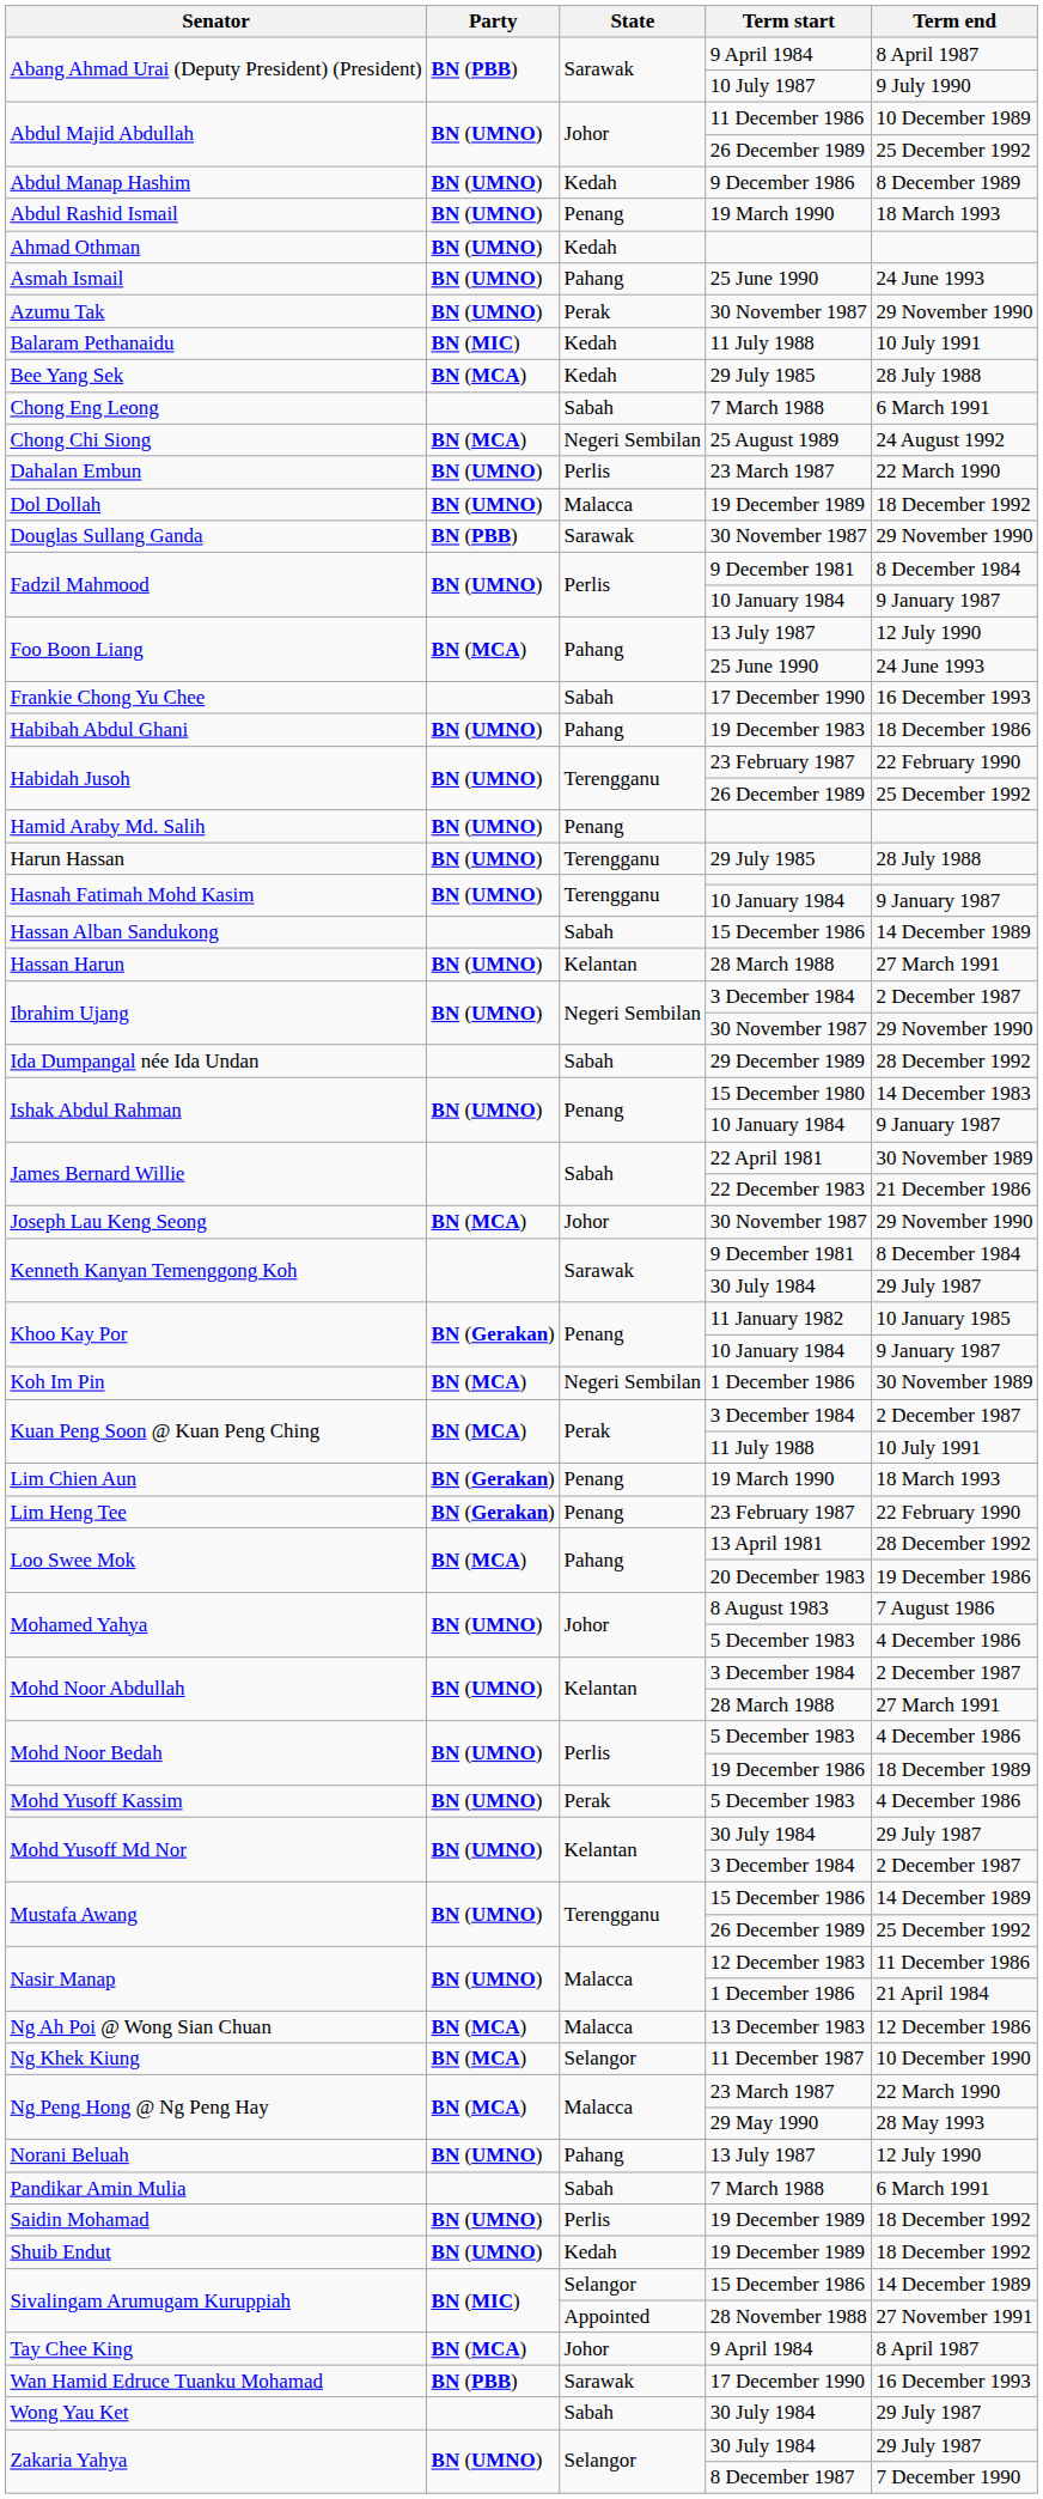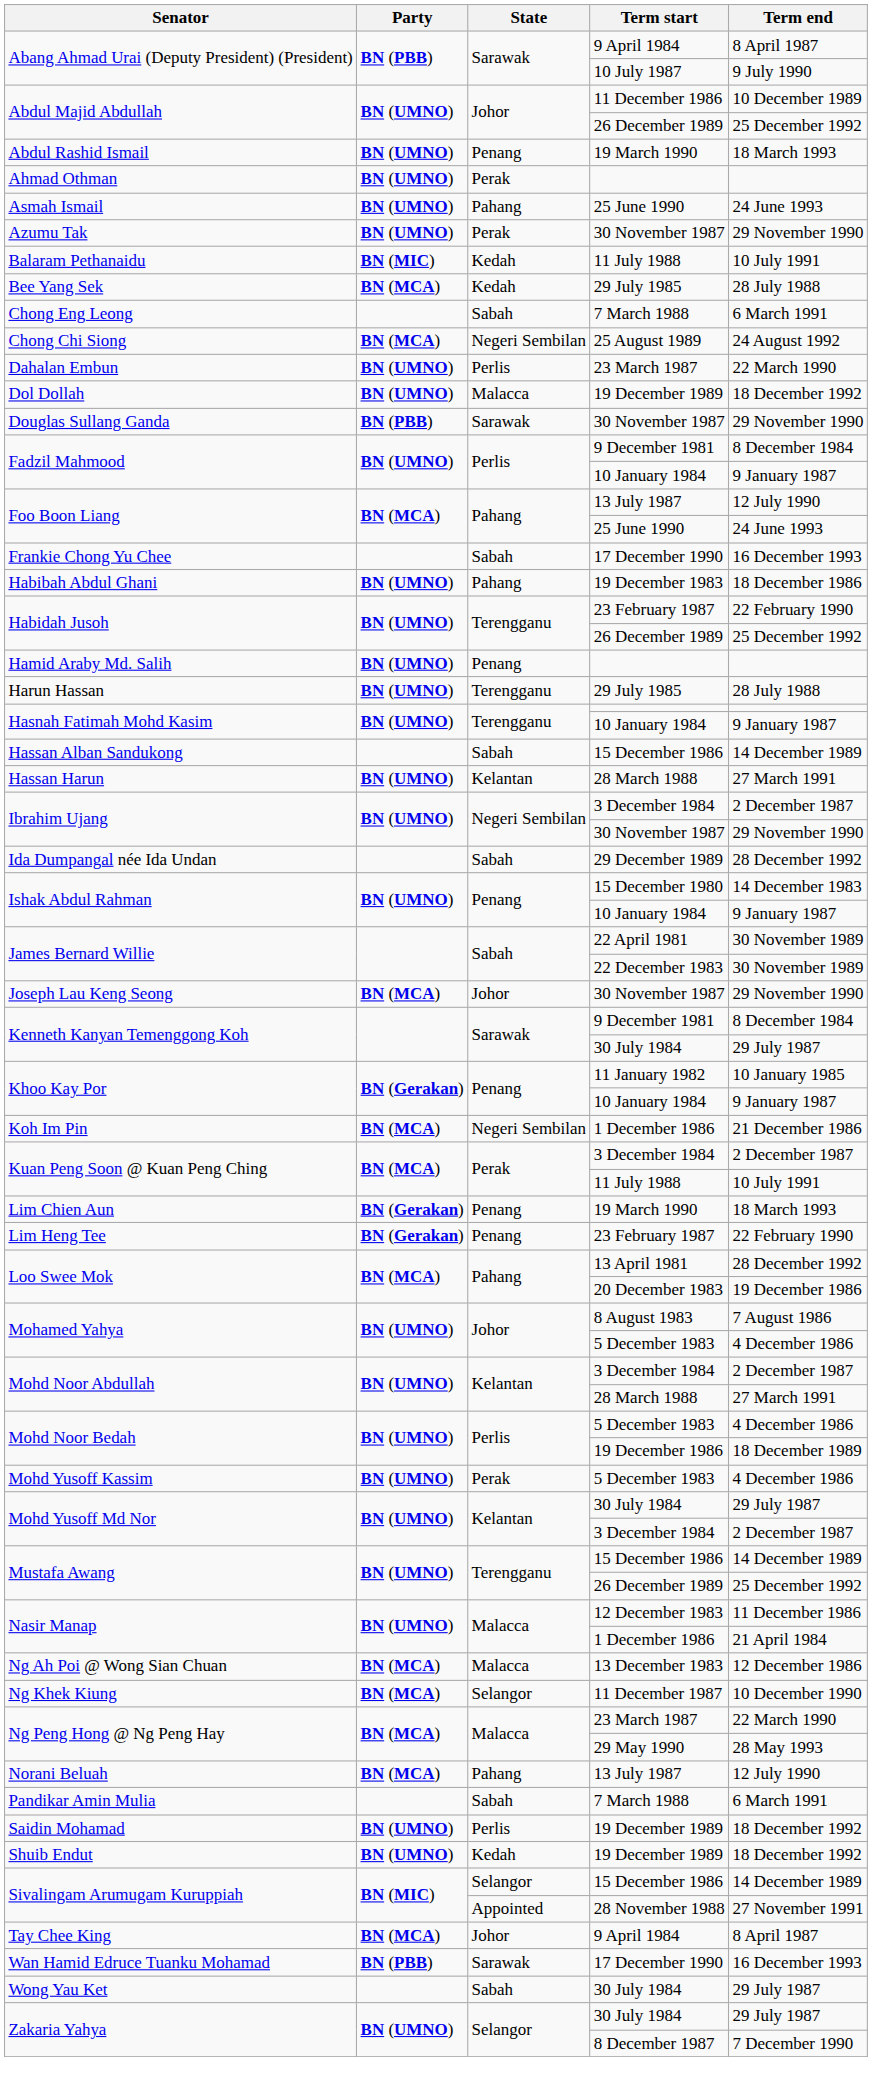 <table class="wikitable sortable">
 <tr>
 <th>Senator</th>
 <th>Party</th>
 <th>State</th>
 <th>Term start</th>
 <th>Term end</th>
 </tr>
 <tr>
 <td rowspan=2><a href='#'>Abang Ahmad Urai</a> (Deputy President) (President)</td>
 <td rowspan=2><strong><a href='#'>BN</a></strong> (<strong><a href='#'>PBB</a></strong>)</td>
 <td rowspan=2>Sarawak</td>
 <td>9 April 1984</td>
 <td>8 April 1987</td>
 </tr>
 <tr>
 <td>10 July 1987</td>
 <td>9 July 1990</td>
 </tr>
 <tr>
 <td rowspan=2><a href='#'>Abdul Majid Abdullah</a></td>
 <td rowspan=2><strong><a href='#'>BN</a></strong> (<strong><a href='#'>UMNO</a></strong>)</td>
 <td rowspan=2>Johor</td>
 <td>11 December 1986</td>
 <td>10 December 1989</td>
 </tr>
 <tr>
 <td>26 December 1989</td>
 <td>25 December 1992</td>
 </tr>
 <tr>
-<td><a href='#'>Abdul Manap Hashim</a></td>
-<td><strong><a href='#'>BN</a></strong> (<strong><a href='#'>UMNO</a></strong>)</td>
-<td>Kedah</td>
-<td>9 December 1986</td>
-<td>8 December 1989</td>
-</tr>
-<tr>
 <td><a href='#'>Abdul Rashid Ismail</a></td>
 <td><strong><a href='#'>BN</a></strong> (<strong><a href='#'>UMNO</a></strong>)</td>
 <td>Penang</td>
 <td>19 March 1990</td>
 <td>18 March 1993</td>
 </tr>
 <tr>
 <td><a href='#'>Ahmad Othman</a></td>
 <td><strong><a href='#'>BN</a></strong> (<strong><a href='#'>UMNO</a></strong>)</td>
-<td>Kedah</td>
+<td>Perak</td>
 <td></td>
 <td></td>
 </tr>
 <tr>
 <td><a href='#'>Asmah Ismail</a></td>
 <td><strong><a href='#'>BN</a></strong> (<strong><a href='#'>UMNO</a></strong>)</td>
 <td>Pahang</td>
 <td>25 June 1990</td>
 <td>24 June 1993</td>
 </tr>
 <tr>
 <td><a href='#'>Azumu Tak</a></td>
 <td><strong><a href='#'>BN</a></strong> (<strong><a href='#'>UMNO</a></strong>)</td>
 <td>Perak</td>
 <td>30 November 1987</td>
 <td>29 November 1990</td>
 </tr>
 <tr>
 <td><a href='#'>Balaram Pethanaidu</a></td>
 <td><strong><a href='#'>BN</a></strong> (<strong><a href='#'>MIC</a></strong>)</td>
 <td>Kedah</td>
 <td>11 July 1988</td>
 <td>10 July 1991</td>
 </tr>
 <tr>
 <td><a href='#'>Bee Yang Sek</a></td>
 <td><strong><a href='#'>BN</a></strong> (<strong><a href='#'>MCA</a></strong>)</td>
 <td>Kedah</td>
 <td>29 July 1985</td>
 <td>28 July 1988</td>
 </tr>
 <tr>
 <td><a href='#'>Chong Eng Leong</a></td>
 <td></td>
 <td>Sabah</td>
 <td>7 March 1988</td>
 <td>6 March 1991</td>
 </tr>
 <tr>
 <td><a href='#'>Chong Chi Siong</a></td>
 <td><strong><a href='#'>BN</a></strong> (<strong><a href='#'>MCA</a></strong>)</td>
 <td>Negeri Sembilan</td>
 <td>25 August 1989</td>
 <td>24 August 1992</td>
 </tr>
 <tr>
 <td><a href='#'>Dahalan Embun</a></td>
 <td><strong><a href='#'>BN</a></strong> (<strong><a href='#'>UMNO</a></strong>)</td>
 <td>Perlis</td>
 <td>23 March 1987</td>
 <td>22 March 1990</td>
 </tr>
 <tr>
 <td><a href='#'>Dol Dollah</a></td>
 <td><strong><a href='#'>BN</a></strong> (<strong><a href='#'>UMNO</a></strong>)</td>
 <td>Malacca</td>
 <td>19 December 1989</td>
 <td>18 December 1992</td>
 </tr>
 <tr>
 <td><a href='#'>Douglas Sullang Ganda</a></td>
 <td><strong><a href='#'>BN</a></strong> (<strong><a href='#'>PBB</a></strong>)</td>
 <td>Sarawak</td>
 <td>30 November 1987</td>
 <td>29 November 1990</td>
 </tr>
 <tr>
 <td rowspan=2><a href='#'>Fadzil Mahmood</a></td>
 <td rowspan=2><strong><a href='#'>BN</a></strong> (<strong><a href='#'>UMNO</a></strong>)</td>
 <td rowspan=2>Perlis</td>
 <td>9 December 1981</td>
 <td>8 December 1984</td>
 </tr>
 <tr>
 <td>10 January 1984</td>
 <td>9 January 1987</td>
 </tr>
 <tr>
 <td rowspan=2><a href='#'>Foo Boon Liang</a></td>
 <td rowspan=2><strong><a href='#'>BN</a></strong> (<strong><a href='#'>MCA</a></strong>)</td>
 <td rowspan=2>Pahang</td>
 <td>13 July 1987</td>
 <td>12 July 1990</td>
 </tr>
 <tr>
 <td>25 June 1990</td>
 <td>24 June 1993</td>
 </tr>
 <tr>
 <td><a href='#'>Frankie Chong Yu Chee</a></td>
 <td></td>
 <td>Sabah</td>
 <td>17 December 1990</td>
 <td>16 December 1993</td>
 </tr>
 <tr>
 <td><a href='#'>Habibah Abdul Ghani</a></td>
 <td><strong><a href='#'>BN</a></strong> (<strong><a href='#'>UMNO</a></strong>)</td>
 <td>Pahang</td>
 <td>19 December 1983</td>
 <td>18 December 1986</td>
 </tr>
 <tr>
 <td rowspan=2><a href='#'>Habidah Jusoh</a></td>
 <td rowspan=2><strong><a href='#'>BN</a></strong> (<strong><a href='#'>UMNO</a></strong>)</td>
 <td rowspan=2>Terengganu</td>
 <td>23 February 1987</td>
 <td>22 February 1990</td>
 </tr>
 <tr>
 <td>26 December 1989</td>
 <td>25 December 1992</td>
 </tr>
 <tr>
 <td><a href='#'>Hamid Araby Md. Salih</a></td>
 <td><strong><a href='#'>BN</a></strong> (<strong><a href='#'>UMNO</a></strong>)</td>
 <td>Penang</td>
 <td></td>
 <td></td>
 </tr>
 <tr>
 <td>Harun Hassan</td>
 <td><strong><a href='#'>BN</a></strong> (<strong><a href='#'>UMNO</a></strong>)</td>
 <td>Terengganu</td>
 <td>29 July 1985</td>
 <td>28 July 1988</td>
 </tr>
 <tr>
 <td rowspan=2><a href='#'>Hasnah Fatimah Mohd Kasim</a></td>
 <td rowspan=2><strong><a href='#'>BN</a></strong> (<strong><a href='#'>UMNO</a></strong>)</td>
 <td rowspan=2>Terengganu</td>
 <td></td>
 <td></td>
 </tr>
 <tr>
 <td>10 January 1984</td>
 <td>9 January 1987</td>
 </tr>
 <tr>
 <td><a href='#'>Hassan Alban Sandukong</a></td>
 <td></td>
 <td>Sabah</td>
 <td>15 December 1986</td>
 <td>14 December 1989</td>
 </tr>
 <tr>
 <td><a href='#'>Hassan Harun</a></td>
 <td><strong><a href='#'>BN</a></strong> (<strong><a href='#'>UMNO</a></strong>)</td>
 <td>Kelantan</td>
 <td>28 March 1988</td>
 <td>27 March 1991</td>
 </tr>
 <tr>
 <td rowspan=2><a href='#'>Ibrahim Ujang</a></td>
 <td rowspan=2><strong><a href='#'>BN</a></strong> (<strong><a href='#'>UMNO</a></strong>)</td>
 <td rowspan=2>Negeri Sembilan</td>
 <td>3 December 1984</td>
 <td>2 December 1987</td>
 </tr>
 <tr>
 <td>30 November 1987</td>
 <td>29 November 1990</td>
 </tr>
 <tr>
 <td><a href='#'>Ida Dumpangal</a> née Ida Undan</td>
 <td></td>
 <td>Sabah</td>
 <td>29 December 1989</td>
 <td>28 December 1992</td>
 </tr>
 <tr>
 <td rowspan=2><a href='#'>Ishak Abdul Rahman</a></td>
 <td rowspan=2><strong><a href='#'>BN</a></strong> (<strong><a href='#'>UMNO</a></strong>)</td>
 <td rowspan=2>Penang</td>
 <td>15 December 1980</td>
 <td>14 December 1983</td>
 </tr>
 <tr>
 <td>10 January 1984</td>
 <td>9 January 1987</td>
 </tr>
 <tr>
 <td rowspan=2><a href='#'>James Bernard Willie</a></td>
 <td rowspan=2></td>
 <td rowspan=2>Sabah</td>
 <td>22 April 1981</td>
 <td>30 November 1989</td>
 </tr>
 <tr>
 <td>22 December 1983</td>
-<td>21 December 1986</td>
+<td>30 November 1989</td>
 </tr>
 <tr>
 <td><a href='#'>Joseph Lau Keng Seong</a></td>
 <td><strong><a href='#'>BN</a></strong> (<strong><a href='#'>MCA</a></strong>)</td>
 <td>Johor</td>
 <td>30 November 1987</td>
 <td>29 November 1990</td>
 </tr>
 <tr>
 <td rowspan=2><a href='#'>Kenneth Kanyan Temenggong Koh</a></td>
 <td rowspan=2></td>
 <td rowspan=2>Sarawak</td>
 <td>9 December 1981</td>
 <td>8 December 1984</td>
 </tr>
 <tr>
 <td>30 July 1984</td>
 <td>29 July 1987</td>
 </tr>
 <tr>
 <td rowspan=2><a href='#'>Khoo Kay Por</a></td>
 <td rowspan=2><strong><a href='#'>BN</a></strong> (<strong><a href='#'>Gerakan</a></strong>)</td>
 <td rowspan=2>Penang</td>
 <td>11 January 1982</td>
 <td>10 January 1985</td>
 </tr>
 <tr>
 <td>10 January 1984</td>
 <td>9 January 1987</td>
 </tr>
 <tr>
 <td><a href='#'>Koh Im Pin</a></td>
 <td><strong><a href='#'>BN</a></strong> (<strong><a href='#'>MCA</a></strong>)</td>
 <td>Negeri Sembilan</td>
 <td>1 December 1986</td>
-<td>30 November 1989</td>
+<td>21 December 1986</td>
 </tr>
 <tr>
 <td rowspan=2><a href='#'>Kuan Peng Soon</a> @ Kuan Peng Ching</td>
 <td rowspan=2><strong><a href='#'>BN</a></strong> (<strong><a href='#'>MCA</a></strong>)</td>
 <td rowspan=2>Perak</td>
 <td>3 December 1984</td>
 <td>2 December 1987</td>
 </tr>
 <tr>
 <td>11 July 1988</td>
 <td>10 July 1991</td>
 </tr>
 <tr>
 <td><a href='#'>Lim Chien Aun</a></td>
 <td><strong><a href='#'>BN</a></strong> (<strong><a href='#'>Gerakan</a></strong>)</td>
 <td>Penang</td>
 <td>19 March 1990</td>
 <td>18 March 1993</td>
 </tr>
 <tr>
 <td><a href='#'>Lim Heng Tee</a></td>
 <td><strong><a href='#'>BN</a></strong> (<strong><a href='#'>Gerakan</a></strong>)</td>
 <td>Penang</td>
 <td>23 February 1987</td>
 <td>22 February 1990</td>
 </tr>
 <tr>
 <td rowspan=2><a href='#'>Loo Swee Mok</a></td>
 <td rowspan=2><strong><a href='#'>BN</a></strong> (<strong><a href='#'>MCA</a></strong>)</td>
 <td rowspan=2>Pahang</td>
 <td>13 April 1981</td>
 <td>28 December 1992</td>
 </tr>
 <tr>
 <td>20 December 1983</td>
 <td>19 December 1986</td>
 </tr>
 <tr>
 <td rowspan=2><a href='#'>Mohamed Yahya</a></td>
 <td rowspan=2><strong><a href='#'>BN</a></strong> (<strong><a href='#'>UMNO</a></strong>)</td>
 <td rowspan=2>Johor</td>
 <td>8 August 1983</td>
 <td>7 August 1986</td>
 </tr>
 <tr>
 <td>5 December 1983</td>
 <td>4 December 1986</td>
 </tr>
 <tr>
 <td rowspan=2><a href='#'>Mohd Noor Abdullah</a></td>
 <td rowspan=2><strong><a href='#'>BN</a></strong> (<strong><a href='#'>UMNO</a></strong>)</td>
 <td rowspan=2>Kelantan</td>
 <td>3 December 1984</td>
 <td>2 December 1987</td>
 </tr>
 <tr>
 <td>28 March 1988</td>
 <td>27 March 1991</td>
 </tr>
 <tr>
 <td rowspan=2><a href='#'>Mohd Noor Bedah</a></td>
 <td rowspan=2><strong><a href='#'>BN</a></strong> (<strong><a href='#'>UMNO</a></strong>)</td>
 <td rowspan=2>Perlis</td>
 <td>5 December 1983</td>
 <td>4 December 1986</td>
 </tr>
 <tr>
 <td>19 December 1986</td>
 <td>18 December 1989</td>
 </tr>
 <tr>
 <td><a href='#'>Mohd Yusoff Kassim</a></td>
 <td><strong><a href='#'>BN</a></strong> (<strong><a href='#'>UMNO</a></strong>)</td>
 <td>Perak</td>
 <td>5 December 1983</td>
 <td>4 December 1986</td>
 </tr>
 <tr>
 <td rowspan=2><a href='#'>Mohd Yusoff Md Nor</a></td>
 <td rowspan=2><strong><a href='#'>BN</a></strong> (<strong><a href='#'>UMNO</a></strong>)</td>
 <td rowspan=2>Kelantan</td>
 <td>30 July 1984</td>
 <td>29 July 1987</td>
 </tr>
 <tr>
 <td>3 December 1984</td>
 <td>2 December 1987</td>
 </tr>
 <tr>
 <td rowspan=2><a href='#'>Mustafa Awang</a></td>
 <td rowspan=2><strong><a href='#'>BN</a></strong> (<strong><a href='#'>UMNO</a></strong>)</td>
 <td rowspan=2>Terengganu</td>
 <td>15 December 1986</td>
 <td>14 December 1989</td>
 </tr>
 <tr>
 <td>26 December 1989</td>
 <td>25 December 1992</td>
 </tr>
 <tr>
 <td rowspan=2><a href='#'>Nasir Manap</a></td>
 <td rowspan=2><strong><a href='#'>BN</a></strong> (<strong><a href='#'>UMNO</a></strong>)</td>
 <td rowspan=2>Malacca</td>
 <td>12 December 1983</td>
 <td>11 December 1986</td>
 </tr>
 <tr>
 <td>1 December 1986</td>
 <td>21 April 1984</td>
 </tr>
 <tr>
 <td><a href='#'>Ng Ah Poi</a> @ Wong Sian Chuan</td>
 <td><strong><a href='#'>BN</a></strong> (<strong><a href='#'>MCA</a></strong>)</td>
 <td>Malacca</td>
 <td>13 December 1983</td>
 <td>12 December 1986</td>
 </tr>
 <tr>
 <td><a href='#'>Ng Khek Kiung</a></td>
 <td><strong><a href='#'>BN</a></strong> (<strong><a href='#'>MCA</a></strong>)</td>
 <td>Selangor</td>
 <td>11 December 1987</td>
 <td>10 December 1990</td>
 </tr>
 <tr>
 <td rowspan=2><a href='#'>Ng Peng Hong</a> @ Ng Peng Hay</td>
 <td rowspan=2><strong><a href='#'>BN</a></strong> (<strong><a href='#'>MCA</a></strong>)</td>
 <td rowspan=2>Malacca</td>
 <td>23 March 1987</td>
 <td>22 March 1990</td>
 </tr>
 <tr>
 <td>29 May 1990</td>
 <td>28 May 1993</td>
 </tr>
 <tr>
 <td><a href='#'>Norani Beluah</a></td>
-<td><strong><a href='#'>BN</a></strong> (<strong><a href='#'>UMNO</a></strong>)</td>
+<td><strong><a href='#'>BN</a></strong> (<strong><a href='#'>MCA</a></strong>)</td>
 <td>Pahang</td>
 <td>13 July 1987</td>
 <td>12 July 1990</td>
 </tr>
 <tr>
 <td><a href='#'>Pandikar Amin Mulia</a></td>
 <td></td>
 <td>Sabah</td>
 <td>7 March 1988</td>
 <td>6 March 1991</td>
 </tr>
 <tr>
 <td><a href='#'>Saidin Mohamad</a></td>
 <td><strong><a href='#'>BN</a></strong> (<strong><a href='#'>UMNO</a></strong>)</td>
 <td>Perlis</td>
 <td>19 December 1989</td>
 <td>18 December 1992</td>
 </tr>
 <tr>
 <td><a href='#'>Shuib Endut</a></td>
 <td><strong><a href='#'>BN</a></strong> (<strong><a href='#'>UMNO</a></strong>)</td>
 <td>Kedah</td>
 <td>19 December 1989</td>
 <td>18 December 1992</td>
 </tr>
 <tr>
 <td rowspan=2><a href='#'>Sivalingam Arumugam Kuruppiah</a></td>
 <td rowspan=2><strong><a href='#'>BN</a></strong> (<strong><a href='#'>MIC</a></strong>)</td>
 <td>Selangor</td>
 <td>15 December 1986</td>
 <td>14 December 1989</td>
 </tr>
 <tr>
 <td>Appointed</td>
 <td>28 November 1988</td>
 <td>27 November 1991</td>
 </tr>
 <tr>
 <td><a href='#'>Tay Chee King</a></td>
 <td><strong><a href='#'>BN</a></strong> (<strong><a href='#'>MCA</a></strong>)</td>
 <td>Johor</td>
 <td>9 April 1984</td>
 <td>8 April 1987</td>
 </tr>
 <tr>
 <td><a href='#'>Wan Hamid Edruce Tuanku Mohamad</a></td>
 <td><strong><a href='#'>BN</a></strong> (<strong><a href='#'>PBB</a></strong>)</td>
 <td>Sarawak</td>
 <td>17 December 1990</td>
 <td>16 December 1993</td>
 </tr>
 <tr>
 <td><a href='#'>Wong Yau Ket</a></td>
 <td></td>
 <td>Sabah</td>
 <td>30 July 1984</td>
 <td>29 July 1987</td>
 </tr>
 <tr>
 <td rowspan=2><a href='#'>Zakaria Yahya</a></td>
 <td rowspan=2><strong><a href='#'>BN</a></strong> (<strong><a href='#'>UMNO</a></strong>)</td>
 <td rowspan=2>Selangor</td>
 <td>30 July 1984</td>
 <td>29 July 1987</td>
 </tr>
 <tr>
 <td>8 December 1987</td>
 <td>7 December 1990</td>
 </tr>
 </table>
